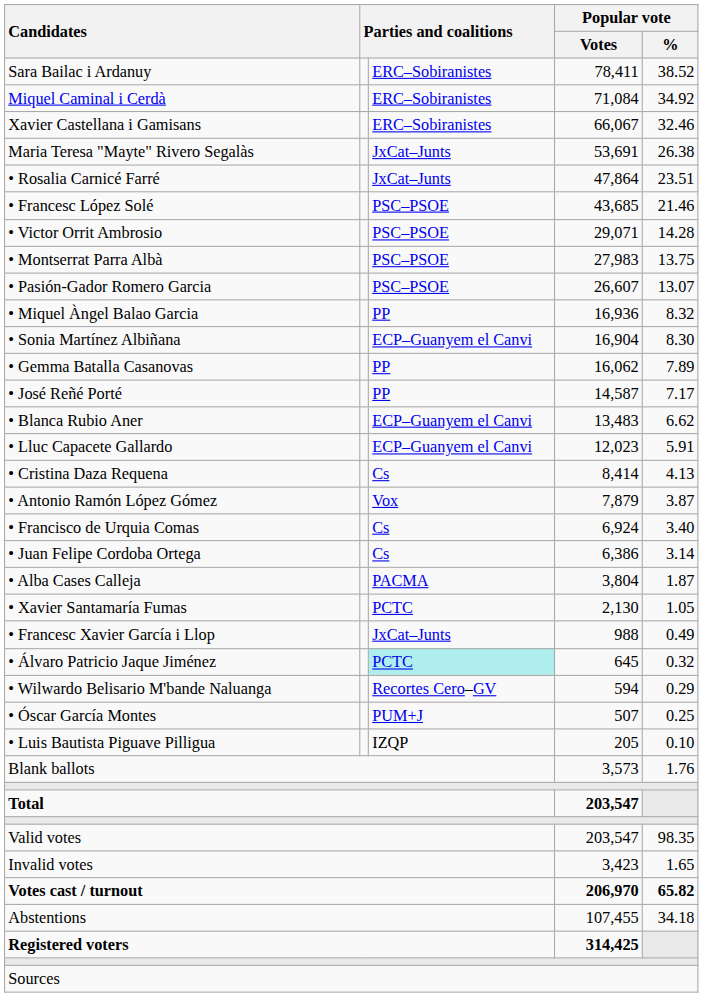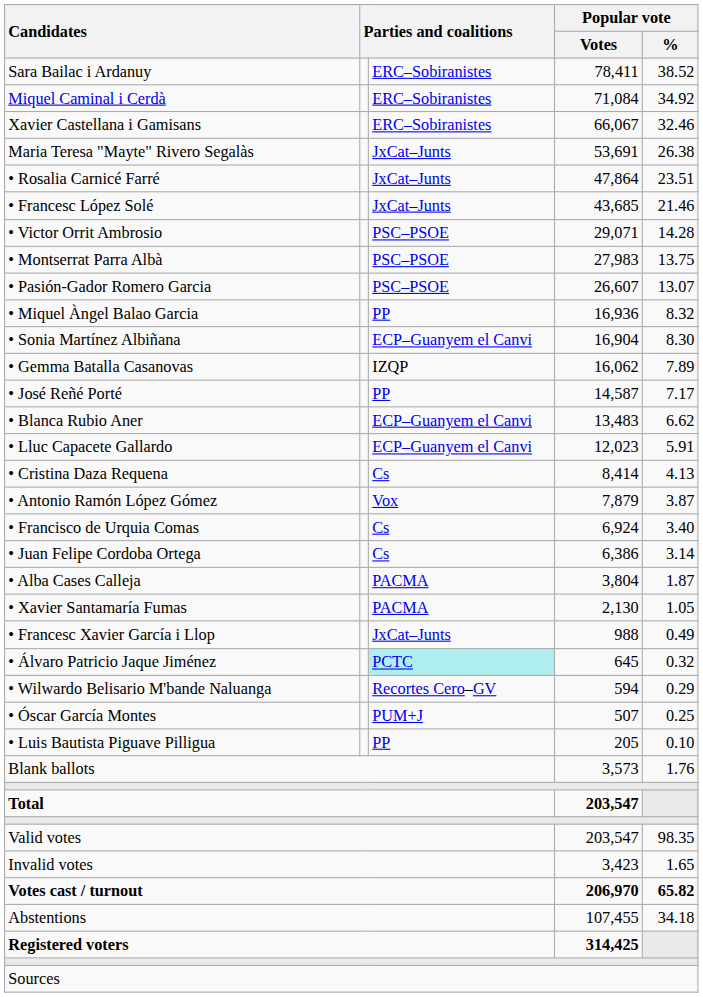 <table class="wikitable" style="text-align:right; font-size:95%;">
 <tr>
 <th style="text-align:left;" rowspan="2" width="325">Candidates</th>
 <th style="text-align:left;" rowspan="2" colspan="2" width="175">Parties and coalitions</th>
 <th colspan="2">Popular vote</th>
 </tr>
 <tr>
 <th width="75">Votes</th>
 <th width="45">%</th>
 </tr>
 <tr>
 <td align="left"> Sara Bailac i Ardanuy</td>
 <td width="1" style="color:inherit;background:"></td>
 <td align="left"><a href='#'>ERC–Sobiranistes</a></td>
 <td>78,411</td>
 <td>38.52</td>
 </tr>
 <tr>
 <td align="left"> <a href='#'>Miquel Caminal i Cerdà</a></td>
 <td style="color:inherit;background:"></td>
 <td align="left"><a href='#'>ERC–Sobiranistes</a></td>
 <td>71,084</td>
 <td>34.92</td>
 </tr>
 <tr>
 <td align="left"> Xavier Castellana i Gamisans</td>
 <td style="color:inherit;background:"></td>
 <td align="left"><a href='#'>ERC–Sobiranistes</a></td>
 <td>66,067</td>
 <td>32.46</td>
 </tr>
 <tr>
 <td align="left"> Maria Teresa "Mayte" Rivero Segalàs</td>
 <td style="color:inherit;background:"></td>
 <td align="left"><a href='#'>JxCat–Junts</a></td>
 <td>53,691</td>
 <td>26.38</td>
 </tr>
 <tr>
 <td align="left">• Rosalia Carnicé Farré</td>
 <td style="color:inherit;background:"></td>
 <td align="left"><a href='#'>JxCat–Junts</a></td>
 <td>47,864</td>
 <td>23.51</td>
 </tr>
 <tr>
 <td align="left">• Francesc López Solé</td>
 <td style="color:inherit;background:"></td>
-<td align="left"><a href='#'>PSC–PSOE</a></td>
+<td align="left"><a href='#'>JxCat–Junts</a></td>
 <td>43,685</td>
 <td>21.46</td>
 </tr>
 <tr>
 <td align="left">• Victor Orrit Ambrosio</td>
 <td style="color:inherit;background:"></td>
 <td align="left"><a href='#'>PSC–PSOE</a></td>
 <td>29,071</td>
 <td>14.28</td>
 </tr>
 <tr>
 <td align="left">• Montserrat Parra Albà</td>
 <td style="color:inherit;background:"></td>
 <td align="left"><a href='#'>PSC–PSOE</a></td>
 <td>27,983</td>
 <td>13.75</td>
 </tr>
 <tr>
 <td align="left">• Pasión-Gador Romero Garcia</td>
 <td style="color:inherit;background:"></td>
 <td align="left"><a href='#'>PSC–PSOE</a></td>
 <td>26,607</td>
 <td>13.07</td>
 </tr>
 <tr>
 <td align="left">• Miquel Àngel Balao Garcia</td>
 <td style="color:inherit;background:"></td>
 <td align="left"><a href='#'>PP</a></td>
 <td>16,936</td>
 <td>8.32</td>
 </tr>
 <tr>
 <td align="left">• Sonia Martínez Albiñana</td>
 <td style="color:inherit;background:"></td>
 <td align="left"><a href='#'>ECP–Guanyem el Canvi</a></td>
 <td>16,904</td>
 <td>8.30</td>
 </tr>
 <tr>
 <td align="left">• Gemma Batalla Casanovas</td>
 <td style="color:inherit;background:"></td>
-<td align="left"><a href='#'>PP</a></td>
+<td align="left">IZQP</td>
 <td>16,062</td>
 <td>7.89</td>
 </tr>
 <tr>
 <td align="left">• José Reñé Porté</td>
 <td style="color:inherit;background:"></td>
 <td align="left"><a href='#'>PP</a></td>
 <td>14,587</td>
 <td>7.17</td>
 </tr>
 <tr>
 <td align="left">• Blanca Rubio Aner</td>
 <td style="color:inherit;background:"></td>
 <td align="left"><a href='#'>ECP–Guanyem el Canvi</a></td>
 <td>13,483</td>
 <td>6.62</td>
 </tr>
 <tr>
 <td align="left">• Lluc Capacete Gallardo</td>
 <td style="color:inherit;background:"></td>
 <td align="left"><a href='#'>ECP–Guanyem el Canvi</a></td>
 <td>12,023</td>
 <td>5.91</td>
 </tr>
 <tr>
 <td align="left">• Cristina Daza Requena</td>
 <td style="color:inherit;background:"></td>
 <td align="left"><a href='#'>Cs</a></td>
 <td>8,414</td>
 <td>4.13</td>
 </tr>
 <tr>
 <td align="left">• Antonio Ramón López Gómez</td>
 <td style="color:inherit;background:"></td>
 <td align="left"><a href='#'>Vox</a></td>
 <td>7,879</td>
 <td>3.87</td>
 </tr>
 <tr>
 <td align="left">• Francisco de Urquia Comas</td>
 <td style="color:inherit;background:"></td>
 <td align="left"><a href='#'>Cs</a></td>
 <td>6,924</td>
 <td>3.40</td>
 </tr>
 <tr>
 <td align="left">• Juan Felipe Cordoba Ortega</td>
 <td style="color:inherit;background:"></td>
 <td align="left"><a href='#'>Cs</a></td>
 <td>6,386</td>
 <td>3.14</td>
 </tr>
 <tr>
 <td align="left">• Alba Cases Calleja</td>
 <td style="color:inherit;background:"></td>
 <td align="left"><a href='#'>PACMA</a></td>
 <td>3,804</td>
 <td>1.87</td>
 </tr>
 <tr>
 <td align="left">• Xavier Santamaría Fumas</td>
 <td style="color:inherit;background:"></td>
-<td align="left"><a href='#'>PCTC</a></td>
+<td align="left"><a href='#'>PACMA</a></td>
 <td>2,130</td>
 <td>1.05</td>
 </tr>
 <tr>
 <td align="left">• Francesc Xavier García i Llop</td>
 <td style="color:inherit;background:"></td>
 <td align="left"><a href='#'>JxCat–Junts</a></td>
 <td>988</td>
 <td>0.49</td>
 </tr>
 <tr>
 <td align="left">• Álvaro Patricio Jaque Jiménez</td>
 <td style="color:inherit;background:"></td>
 <td align="left" style="background: paleturquoise;"><a href='#'>PCTC</a></td>
 <td>645</td>
 <td>0.32</td>
 </tr>
 <tr>
 <td align="left">• Wilwardo Belisario M'bande Naluanga</td>
 <td style="color:inherit;background:"></td>
 <td align="left"><a href='#'>Recortes Cero</a>–<a href='#'>GV</a></td>
 <td>594</td>
 <td>0.29</td>
 </tr>
 <tr>
 <td align="left">• Óscar García Montes</td>
 <td style="color:inherit;background:"></td>
 <td align="left"><a href='#'>PUM+J</a></td>
 <td>507</td>
 <td>0.25</td>
 </tr>
 <tr>
 <td align="left">• Luis Bautista Piguave Pilligua</td>
 <td style="color:inherit;background:"></td>
-<td align="left">IZQP</td>
+<td align="left"><a href='#'>PP</a></td>
 <td>205</td>
 <td>0.10</td>
 </tr>
 <tr>
 <td align="left" colspan="3">Blank ballots</td>
 <td>3,573</td>
 <td>1.76</td>
 </tr>
 <tr>
 <td colspan="5" bgcolor="#E9E9E9"></td>
 </tr>
 <tr style="font-weight:bold;">
 <td align="left" colspan="3">Total</td>
 <td>203,547</td>
 <td bgcolor="#E9E9E9"></td>
 </tr>
 <tr>
 <td colspan="5" bgcolor="#E9E9E9"></td>
 </tr>
 <tr>
 <td align="left" colspan="3">Valid votes</td>
 <td>203,547</td>
 <td>98.35</td>
 </tr>
 <tr>
 <td align="left" colspan="3">Invalid votes</td>
 <td>3,423</td>
 <td>1.65</td>
 </tr>
 <tr style="font-weight:bold;">
 <td align="left" colspan="3">Votes cast / turnout</td>
 <td>206,970</td>
 <td>65.82</td>
 </tr>
 <tr>
 <td align="left" colspan="3">Abstentions</td>
 <td>107,455</td>
 <td>34.18</td>
 </tr>
 <tr style="font-weight:bold;">
 <td align="left" colspan="3">Registered voters</td>
 <td>314,425</td>
 <td bgcolor="#E9E9E9"></td>
 </tr>
 <tr>
 <td colspan="5" bgcolor="#E9E9E9"></td>
 </tr>
 <tr>
 <td align="left" colspan="5">Sources</td>
 </tr>
 </table>
